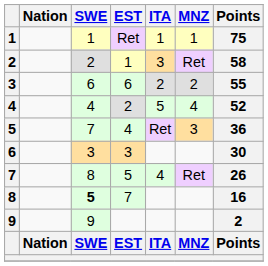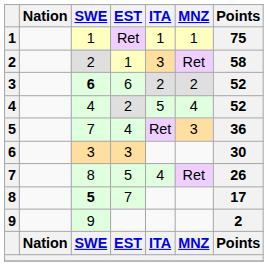 <table class="wikitable" style="font-size: 85%; text-align: center">
 <tr valign="top">
 <th valign="middle"></th>
 <th valign="middle">Nation</th>
 <th><a href='#'>SWE</a><br></th>
 <th><a href='#'>EST</a><br></th>
 <th><a href='#'>ITA</a><br></th>
 <th><a href='#'>MNZ</a><br></th>
 <th valign="middle">Points</th>
 </tr>
 <tr>
 <th>1</th>
 <td align="left"></td>
 <td style="background:#ffffbf">1</td>
 <td style="background:#efcfff">Ret</td>
 <td style="background:#ffffbf">1</td>
 <td style="background:#ffffbf">1</td>
 <th>75</th>
 </tr>
 <tr>
 <th>2</th>
 <td align="left"></td>
 <td style="background:#dfdfdf">2</td>
 <td style="background:#ffffbf">1</td>
 <td style="background:#ffdf9f">3</td>
 <td style="background:#efcfff">Ret</td>
 <th>58</th>
 </tr>
 <tr>
 <th>3</th>
 <td align="left"></td>
-<td style="background:#dfffdf">6</td>
+<td style="background:#dfffdf"><strong>6</strong></td>
 <td style="background:#dfffdf">6</td>
 <td style="background:#dfdfdf">2</td>
 <td style="background:#dfdfdf">2</td>
-<th>55</th>
+<th>52</th>
 </tr>
 <tr>
 <th>4</th>
 <td align="left"></td>
 <td style="background:#dfffdf">4</td>
 <td style="background:#dfdfdf">2</td>
 <td style="background:#dfffdf">5</td>
 <td style="background:#dfffdf">4</td>
 <th>52</th>
 </tr>
 <tr>
 <th>5</th>
 <td align="left" nowrap></td>
 <td style="background:#dfffdf">7</td>
 <td style="background:#dfffdf">4</td>
 <td style="background:#efcfff">Ret</td>
 <td style="background:#ffdf9f">3</td>
 <th>36</th>
 </tr>
 <tr>
 <th>6</th>
 <td align="left"></td>
 <td style="background:#ffdf9f">3</td>
 <td style="background:#ffdf9f">3</td>
 <td></td>
 <td></td>
 <th>30</th>
 </tr>
 <tr>
 <th>7</th>
 <td align="left"></td>
 <td style="background:#dfffdf">8</td>
 <td style="background:#dfffdf">5</td>
 <td style="background:#dfffdf">4</td>
 <td style="background:#efcfff">Ret</td>
 <th>26</th>
 </tr>
 <tr>
 <th>8</th>
 <td align="left"></td>
 <td style="background:#dfffdf"><strong>5</strong></td>
 <td style="background:#dfffdf">7</td>
 <td></td>
 <td></td>
-<th>16</th>
+<th>17</th>
 </tr>
 <tr>
 <th>9</th>
 <td align="left"></td>
 <td style="background:#dfffdf">9</td>
 <td></td>
 <td></td>
 <td></td>
 <th>2</th>
 </tr>
 <tr>
 <th valign="middle"></th>
 <th valign="middle">Nation</th>
 <th><a href='#'>SWE</a><br></th>
 <th><a href='#'>EST</a><br></th>
 <th><a href='#'>ITA</a><br></th>
 <th><a href='#'>MNZ</a><br></th>
 <th valign="middle">Points</th>
 </tr>
 <tr>
 <th colspan="9"></th>
 </tr>
 <tr>
 </tr>
 </table>
